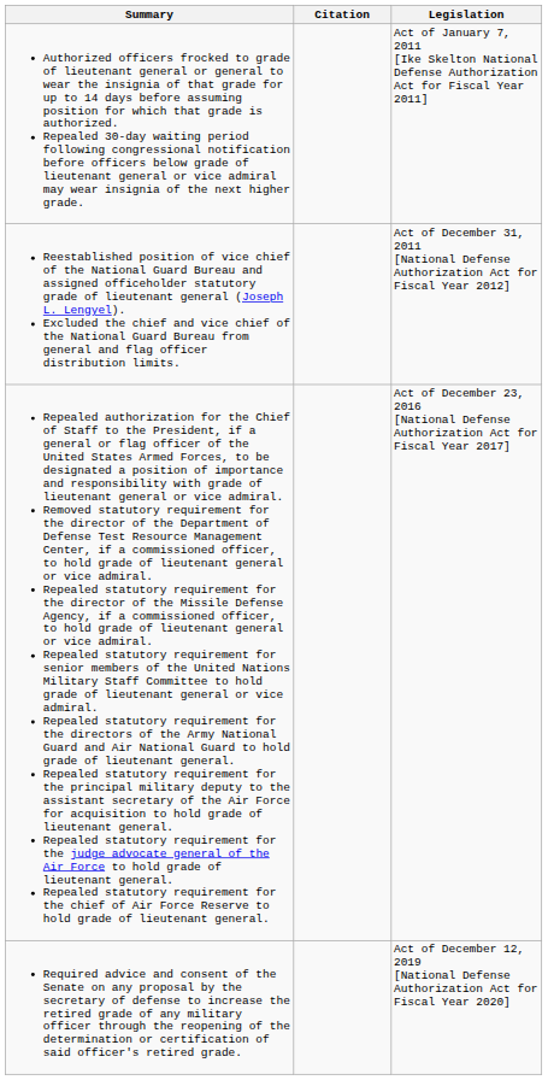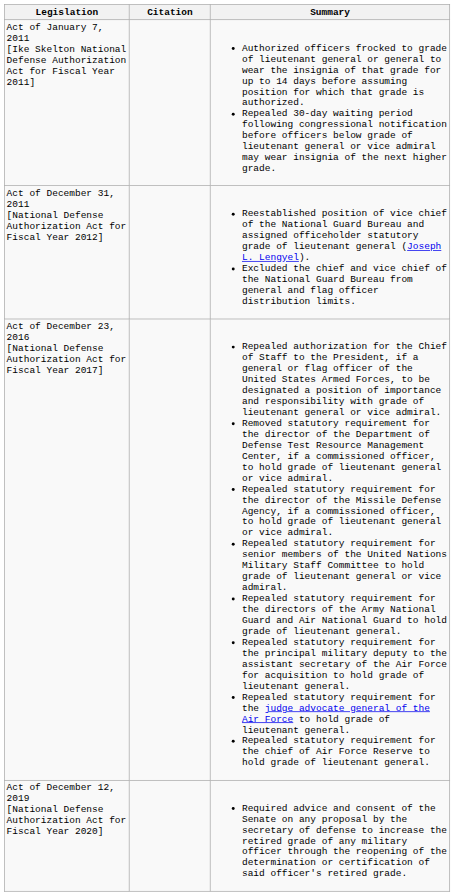 <table class="wikitable">
 <tr>
+<th width = 165>Legislation</th>
+<th width = 105>Citation</th>
 <th scope="col" class="unsortable">Summary</th>
-<th width = 105>Citation</th>
-<th width = 165>Legislation</th>
 </tr>
 <tr style="vertical-align: top;">
+<td>Act of January 7, 2011<br>[Ike Skelton National Defense Authorization Act for Fiscal Year 2011]</td>
+<td> </td>
 <td><br><ul><li>Authorized officers frocked to grade of lieutenant general or general to wear the insignia of that grade for up to 14 days before assuming position for which that grade is authorized.</li><li>Repealed 30-day waiting period following congressional notification before officers below grade of lieutenant general or vice admiral may wear insignia of the next higher grade.</li></ul></td>
-<td> </td>
-<td>Act of January 7, 2011<br>[Ike Skelton National Defense Authorization Act for Fiscal Year 2011]</td>
 </tr>
 <tr style="vertical-align: top;">
+<td>Act of December 31, 2011<br>[National Defense Authorization Act for Fiscal Year 2012]</td>
+<td> </td>
 <td><br><ul><li>Reestablished position of vice chief of the National Guard Bureau and assigned officeholder statutory grade of lieutenant general (<a href='#'>Joseph L. Lengyel</a>).</li><li>Excluded the chief and vice chief of the National Guard Bureau from general and flag officer distribution limits.</li></ul></td>
-<td> </td>
-<td>Act of December 31, 2011<br>[National Defense Authorization Act for Fiscal Year 2012]</td>
 </tr>
 <tr style="vertical-align: top;">
+<td>Act of December 23, 2016<br>[National Defense Authorization Act for Fiscal Year 2017]</td>
+<td> </td>
 <td><br><ul><li>Repealed authorization for the Chief of Staff to the President, if a general or flag officer of the United States Armed Forces, to be designated a position of importance and responsibility with grade of lieutenant general or vice admiral.</li><li>Removed statutory requirement for the director of the Department of Defense Test Resource Management Center, if a commissioned officer, to hold grade of lieutenant general or vice admiral.</li><li>Repealed statutory requirement for the director of the Missile Defense Agency, if a commissioned officer, to hold grade of lieutenant general or vice admiral.</li><li>Repealed statutory requirement for senior members of the United Nations Military Staff Committee to hold grade of lieutenant general or vice admiral.</li><li>Repealed statutory requirement for the directors of the Army National Guard and Air National Guard to hold grade of lieutenant general.</li><li>Repealed statutory requirement for the principal military deputy to the assistant secretary of the Air Force for acquisition to hold grade of lieutenant general.</li><li>Repealed statutory requirement for the <a href='#'>judge advocate general of the Air Force</a> to hold grade of lieutenant general.</li><li>Repealed statutory requirement for the chief of Air Force Reserve to hold grade of lieutenant general.</li></ul></td>
-<td> </td>
-<td>Act of December 23, 2016<br>[National Defense Authorization Act for Fiscal Year 2017]</td>
 </tr>
 <tr style="vertical-align: top;">
+<td>Act of December 12, 2019<br>[National Defense Authorization Act for Fiscal Year 2020]</td>
+<td> </td>
 <td><br><ul><li>Required advice and consent of the Senate on any proposal by the secretary of defense to increase the retired grade of any military officer through the reopening of the determination or certification of said officer's retired grade.</li></ul></td>
-<td> </td>
-<td>Act of December 12, 2019<br>[National Defense Authorization Act for Fiscal Year 2020]</td>
 </tr>
 </table>
